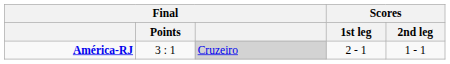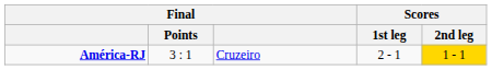 <table class="wikitable" style="text-align:center;">
 <tr>
 <th colspan=3>Final</th>
 <th colspan=3>Scores</th>
 </tr>
 <tr>
 <th width="175"></th>
 <th width="75">Points</th>
 <th width="175"></th>
 <th width="75">1st leg</th>
 <th width="75">2nd leg</th>
 </tr>
 <tr>
 <td align=right><strong><a href='#'>América-RJ</a></strong></td>
 <td>3 : 1</td>
-<td align=left style="background: lightgrey;"><a href='#'>Cruzeiro</a></td>
+<td align=left><a href='#'>Cruzeiro</a></td>
 <td>2 - 1</td>
-<td>1 - 1</td>
+<td style="background: gold;">1 - 1</td>
 </tr>
 </table>
